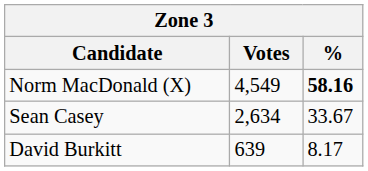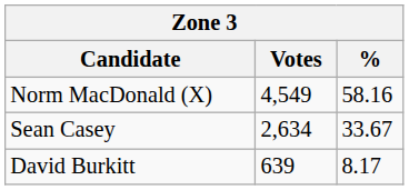 <table class="wikitable">
 <tr>
 <th colspan="3">Zone 3</th>
 </tr>
 <tr>
 <th style="width: 170px">Candidate</th>
 <th style="width: 50px">Votes</th>
 <th style="width: 40px">%</th>
 </tr>
 <tr>
 <td>Norm MacDonald (X)</td>
 <td>4,549</td>
-<td><strong>58.16</strong></td>
+<td>58.16</td>
 </tr>
 <tr>
 <td>Sean Casey</td>
 <td>2,634</td>
 <td>33.67</td>
 </tr>
 <tr>
 <td>David Burkitt</td>
 <td>639</td>
 <td>8.17</td>
 </tr>
 </table>
